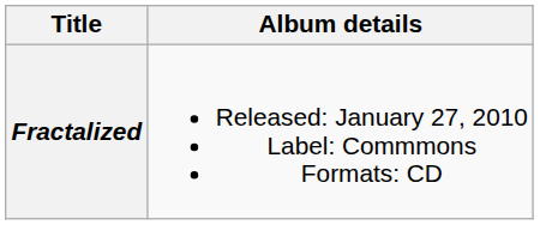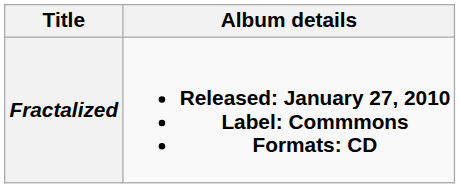 <table class="wikitable plainrowheaders" style="text-align:center;">
 <tr>
 <th>Title</th>
 <th>Album details</th>
 </tr>
 <tr>
 <th scope="row"><em>Fractalized</em></th>
-<td><br><ul><li>Released: January 27, 2010 </li><li>Label: Commmons</li><li>Formats: CD</li></ul></td>
+<td><strong><br><ul><li>Released: January 27, 2010 </li><li>Label: Commmons</li><li>Formats: CD</li></ul></strong></td>
 </tr>
 </table>
